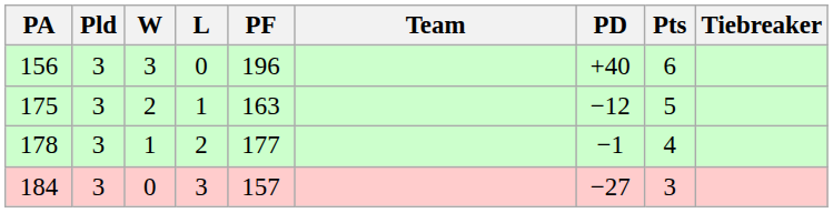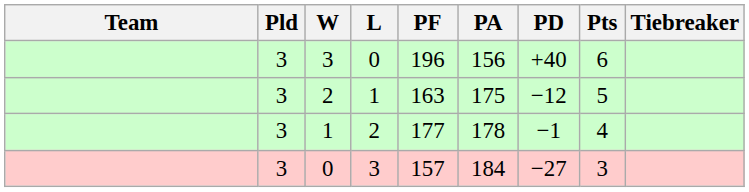 <table class="wikitable" style="text-align:center;">
 <tr>
-<th width=35>PA</th>
+<th width=170>Team</th>
 <th width=25>Pld</th>
 <th width=25>W</th>
 <th width=25>L</th>
 <th width=35>PF</th>
-<th width=170>Team</th>
+<th width=35>PA</th>
 <th width=35>PD</th>
 <th width=25>Pts</th>
 <th width=50>Tiebreaker</th>
 </tr>
 <tr bgcolor=ccffcc>
-<td>156</td>
+<td align="left"></td>
 <td>3</td>
 <td>3</td>
 <td>0</td>
 <td>196</td>
-<td align="left"></td>
+<td>156</td>
 <td>+40</td>
 <td>6</td>
 <td></td>
 </tr>
 <tr bgcolor=ccffcc>
-<td>175</td>
+<td align="left"></td>
 <td>3</td>
 <td>2</td>
 <td>1</td>
 <td>163</td>
-<td align="left"></td>
+<td>175</td>
 <td>−12</td>
 <td>5</td>
 <td></td>
 </tr>
 <tr bgcolor=ccffcc>
-<td>178</td>
+<td align="left"></td>
 <td>3</td>
 <td>1</td>
 <td>2</td>
 <td>177</td>
-<td align="left"></td>
+<td>178</td>
 <td>−1</td>
 <td>4</td>
 <td></td>
 </tr>
 <tr bgcolor=ffcccc>
-<td>184</td>
+<td align="left"></td>
 <td>3</td>
 <td>0</td>
 <td>3</td>
 <td>157</td>
-<td align="left"></td>
+<td>184</td>
 <td>−27</td>
 <td>3</td>
 <td></td>
 </tr>
 </table>
